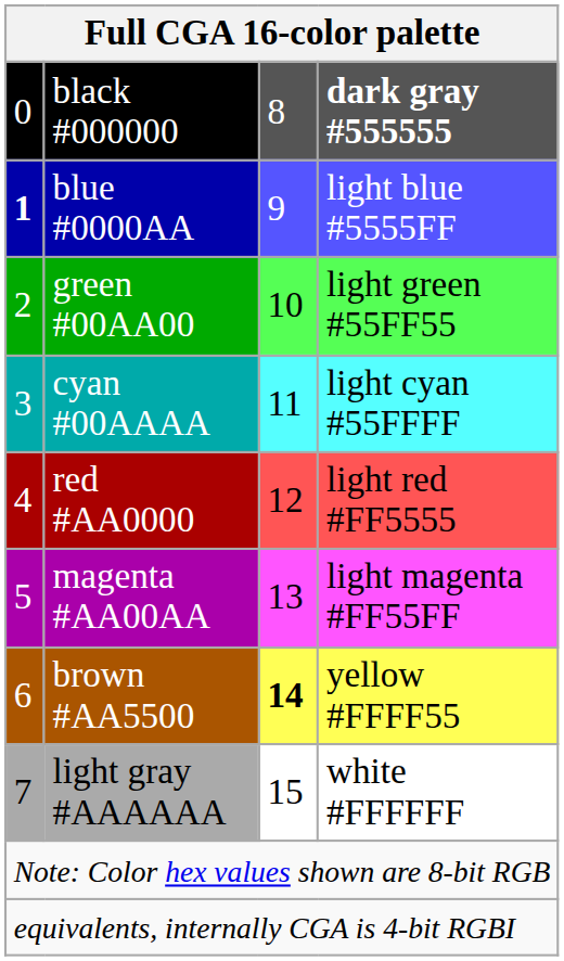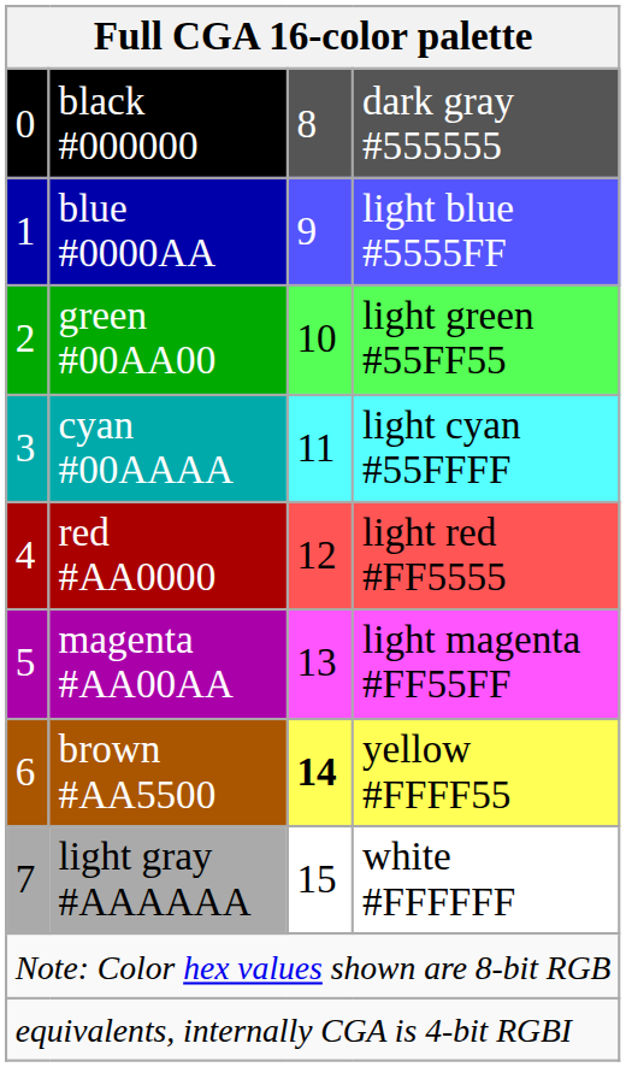 <table class="wikitable">
 <tr>
 <th colspan="4">Full CGA 16-color palette</th>
 </tr>
 <tr style="color:white;">
 <td style="background:#000;">0</td>
 <td style="background:#000;">black<br>#000000</td>
 <td style="background:#555;">8</td>
-<td style="background:#555;"><strong>dark gray<br>#555555</strong></td>
+<td style="background:#555;">dark gray<br>#555555</td>
 </tr>
 <tr style="color:white;">
-<td style="background:#00a;"><strong>1</strong></td>
+<td style="background:#00a;">1</td>
 <td style="background:#00a;">blue<br>#0000AA</td>
 <td style="background:#55f;">9</td>
 <td style="background:#55f;">light blue<br>#5555FF</td>
 </tr>
 <tr>
 <td style="color:white; background:#0a0;">2</td>
 <td style="color:white; background:#0a0;">green<br>#00AA00</td>
 <td style="color:black; background:#5f5;">10</td>
 <td style="color:black; background:#5f5;">light green<br>#55FF55</td>
 </tr>
 <tr>
 <td style="color:white; background:#0aa;">3</td>
 <td style="color:white; background:#0aa;">cyan<br>#00AAAA</td>
 <td style="color:black; background:#5ff;">11</td>
 <td style="color:black; background:#5ff;">light cyan<br>#55FFFF</td>
 </tr>
 <tr>
 <td style="color:white; background:#a00;">4</td>
 <td style="color:white; background:#a00;">red<br>#AA0000</td>
 <td style="color:black; background:#f55;">12</td>
 <td style="color:black; background:#f55;">light red<br>#FF5555</td>
 </tr>
 <tr>
 <td style="color:white; background:#a0a;">5</td>
 <td style="color:white; background:#a0a;">magenta<br>#AA00AA</td>
 <td style="color:black; background:#f5f;">13</td>
 <td style="color:black; background:#f5f;">light magenta<br>#FF55FF</td>
 </tr>
 <tr>
 <td style="color:white; background:#a50;">6</td>
 <td style="color:white; background:#a50;">brown<br>#AA5500</td>
 <td style="color:black; background:#ff5;"><strong>14</strong></td>
 <td style="color:black; background:#ff5;">yellow<br>#FFFF55</td>
 </tr>
 <tr style="color:black;">
 <td style="background:#aaa;">7</td>
 <td style="background:#aaa;">light gray <br>#AAAAAA</td>
 <td style="background:#fff;">15</td>
 <td style="background:#fff;">white<br>#FFFFFF</td>
 </tr>
 <tr>
 <td colspan="4"><small><em>Note: Color <a href='#'>hex values</a> shown are 8-bit RGB</em></small></td>
 </tr>
 <tr>
 <td colspan="4"><small><em>equivalents, internally CGA is 4-bit RGBI</em></small></td>
 </tr>
 </table>
